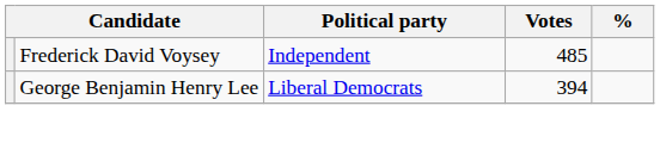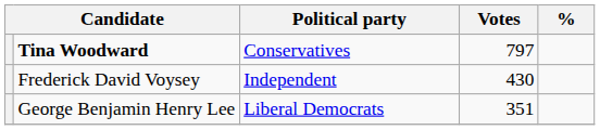 <table class="wikitable">
 <tr>
 <th valign=top colspan="2" style="width: 180px">Candidate</th>
 <th valign=top style="width: 180px">Political party</th>
 <th valign=top style="width: 60px">Votes</th>
 <th valign=top style="width: 40px">%</th>
 </tr>
 <tr>
 <th style="background-color: "></th>
+<td><strong>Tina Woodward</strong></td>
+<td><a href='#'>Conservatives</a></td>
+<td align="right">797</td>
+<td align="right"></td>
+</tr>
+<tr>
+<th style="background-color: "></th>
 <td>Frederick David Voysey</td>
 <td><a href='#'>Independent</a></td>
-<td align="right">485</td>
+<td align="right">430</td>
 <td align="right"></td>
 </tr>
 <tr>
 <th style="background-color: "></th>
 <td>George Benjamin Henry Lee</td>
 <td><a href='#'>Liberal Democrats</a></td>
-<td align="right">394</td>
+<td align="right">351</td>
 <td align="right"></td>
 </tr>
 <tr>
 </tr>
 </table>
